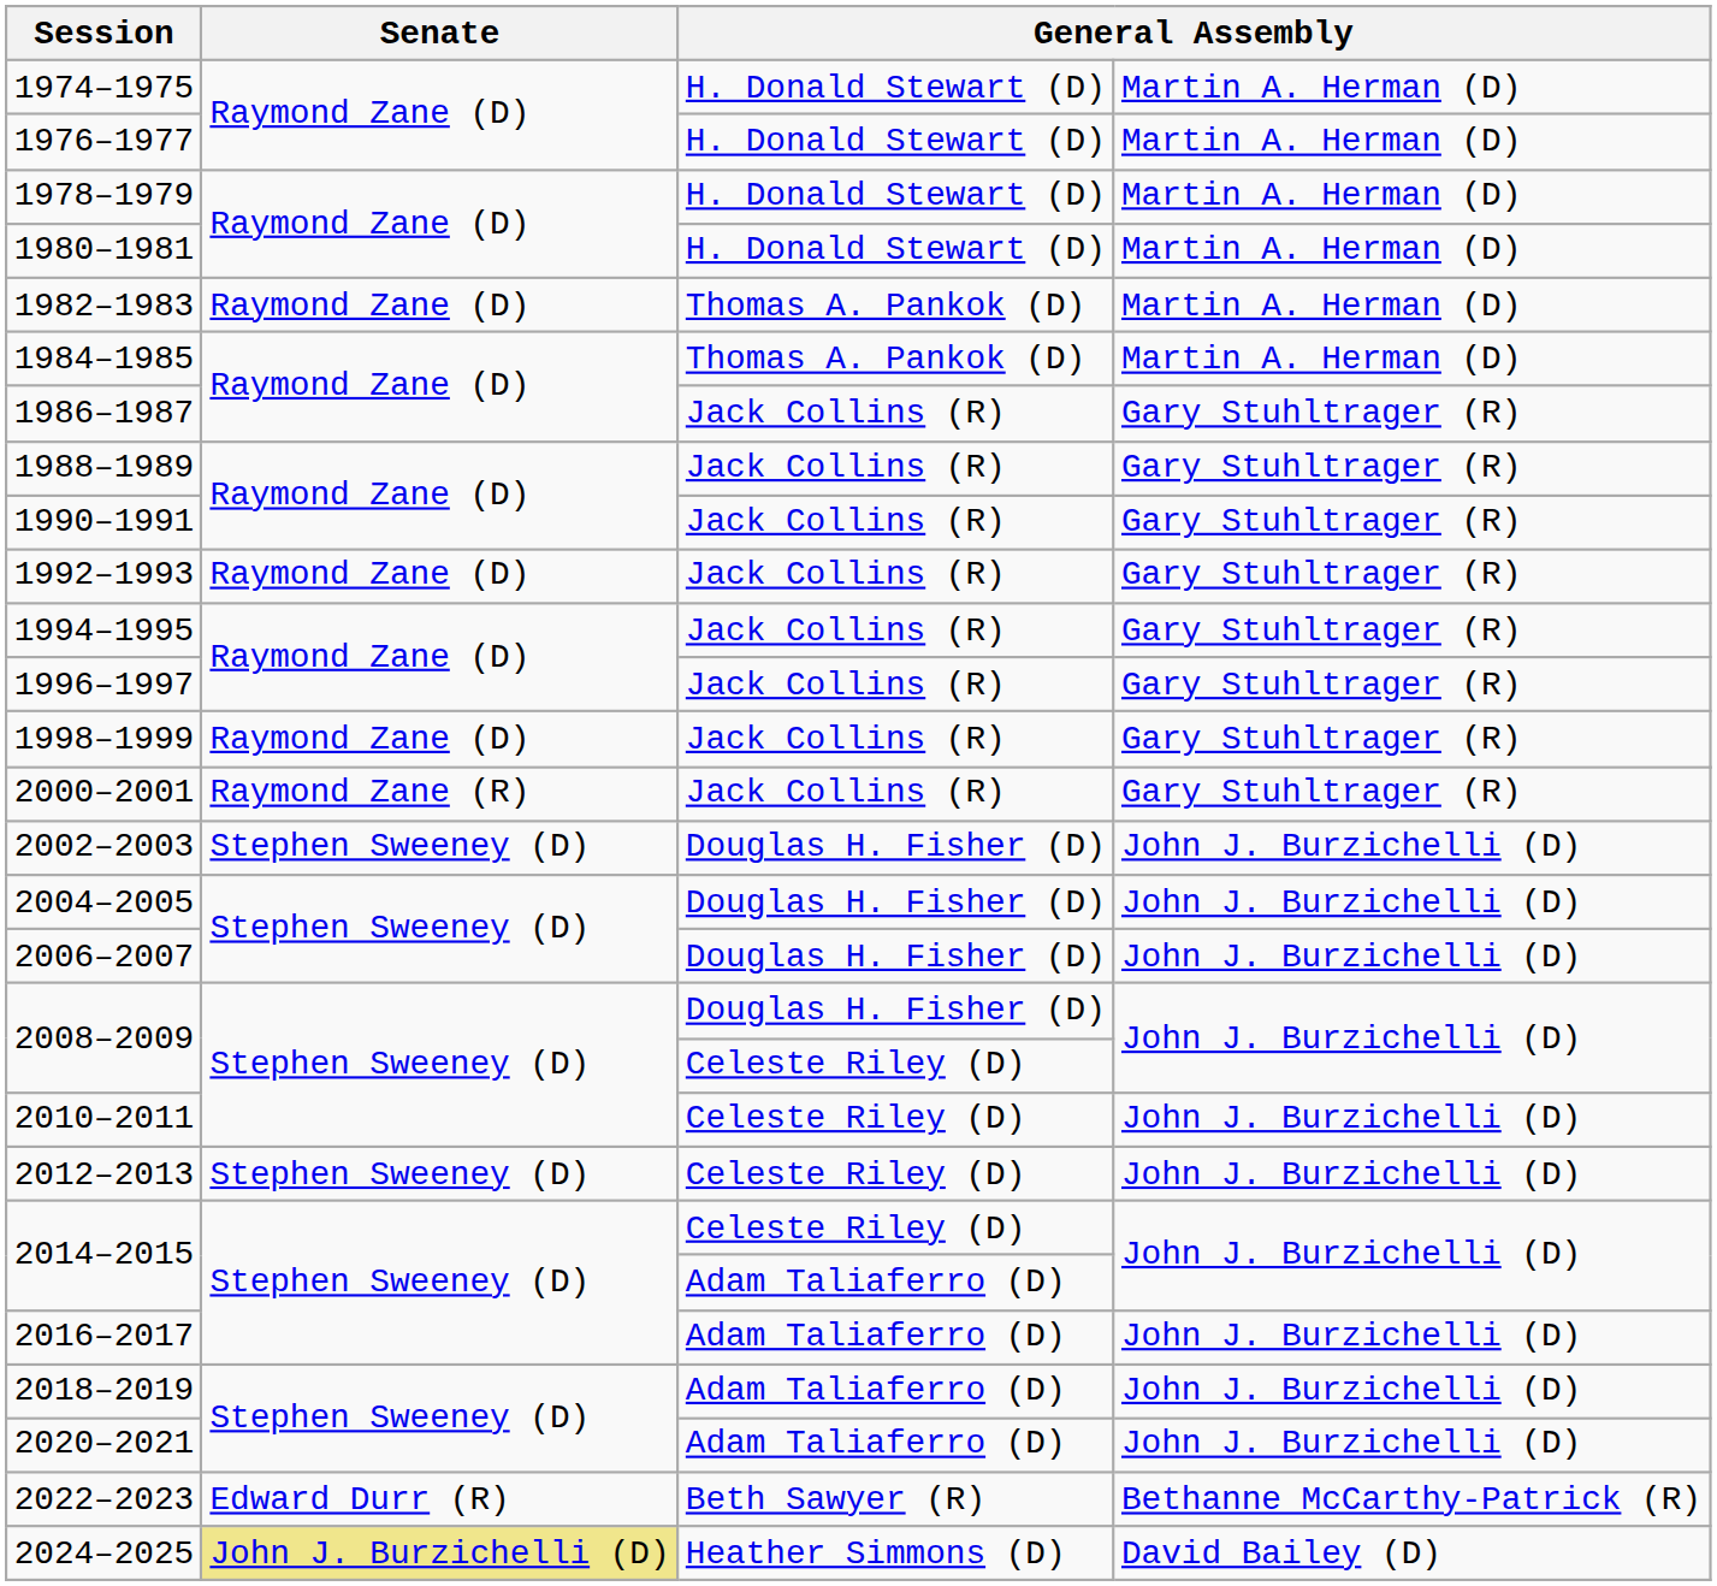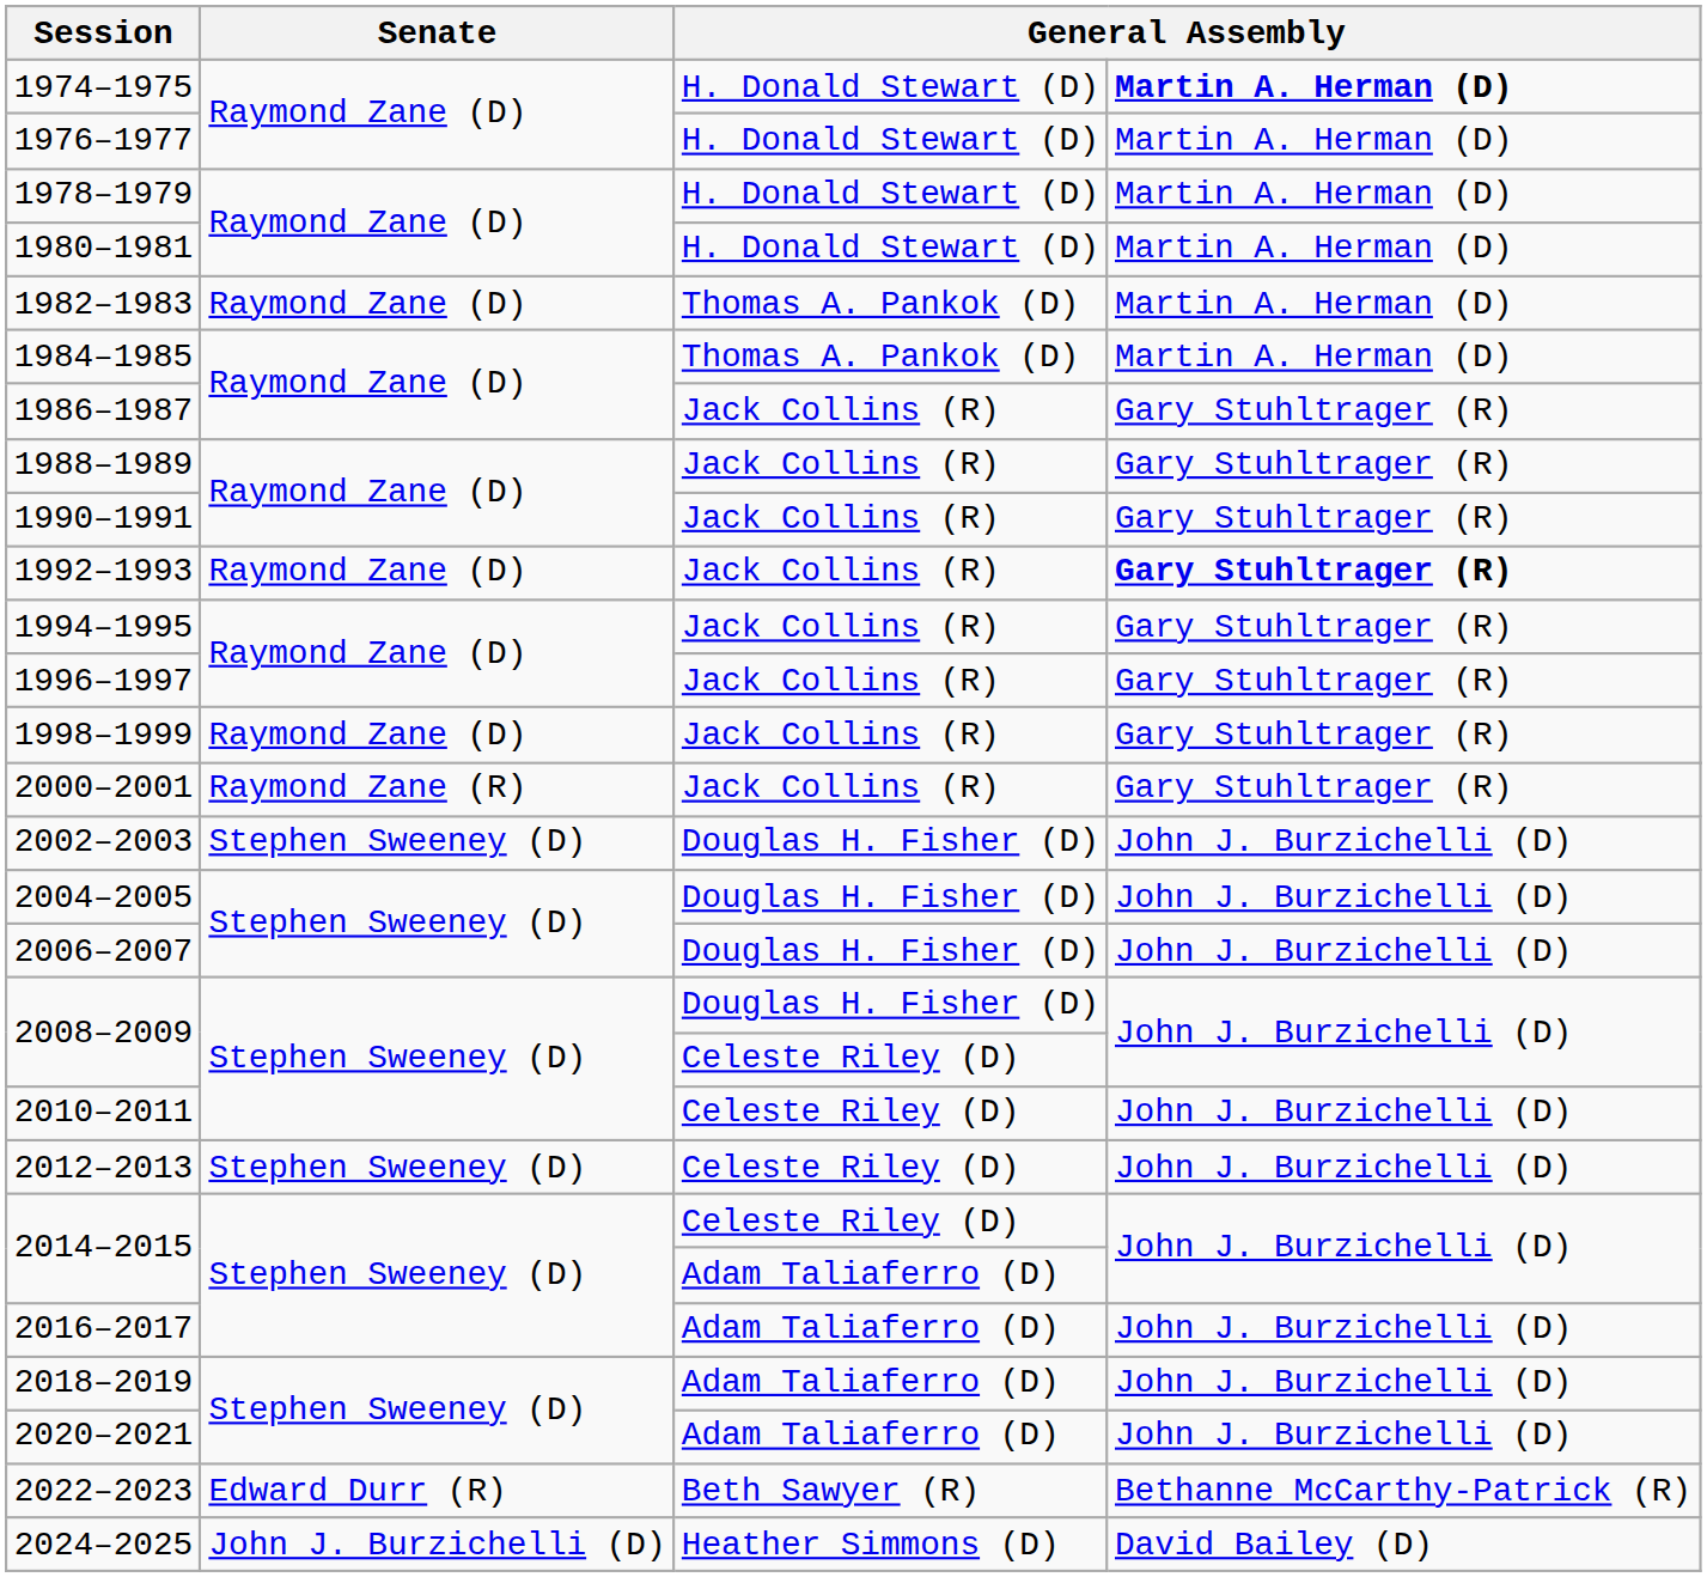 <table class="wikitable">
 <tr>
 <th>Session</th>
 <th>Senate</th>
 <th colspan=2>General Assembly</th>
 </tr>
 <tr>
 <td>1974–1975</td>
 <td rowspan=2 ><a href='#'>Raymond Zane</a> (D)</td>
 <td><a href='#'>H. Donald Stewart</a> (D)</td>
-<td><a href='#'>Martin A. Herman</a> (D)</td>
+<td><strong><a href='#'>Martin A. Herman</a> (D)</strong></td>
 </tr>
 <tr>
 <td>1976–1977</td>
 <td><a href='#'>H. Donald Stewart</a> (D)</td>
 <td><a href='#'>Martin A. Herman</a> (D)</td>
 </tr>
 <tr>
 <td>1978–1979</td>
 <td rowspan=2 ><a href='#'>Raymond Zane</a> (D)</td>
 <td><a href='#'>H. Donald Stewart</a> (D)</td>
 <td><a href='#'>Martin A. Herman</a> (D)</td>
 </tr>
 <tr>
 <td>1980–1981</td>
 <td><a href='#'>H. Donald Stewart</a> (D)</td>
 <td><a href='#'>Martin A. Herman</a> (D)</td>
 </tr>
 <tr>
 <td>1982–1983</td>
 <td><a href='#'>Raymond Zane</a> (D)</td>
 <td><a href='#'>Thomas A. Pankok</a> (D)</td>
 <td><a href='#'>Martin A. Herman</a> (D)</td>
 </tr>
 <tr>
 <td>1984–1985</td>
 <td rowspan=2 ><a href='#'>Raymond Zane</a> (D)</td>
 <td><a href='#'>Thomas A. Pankok</a> (D)</td>
 <td><a href='#'>Martin A. Herman</a> (D)</td>
 </tr>
 <tr>
 <td>1986–1987</td>
 <td><a href='#'>Jack Collins</a> (R)</td>
 <td><a href='#'>Gary Stuhltrager</a> (R)</td>
 </tr>
 <tr>
 <td>1988–1989</td>
 <td rowspan=2 ><a href='#'>Raymond Zane</a> (D)</td>
 <td><a href='#'>Jack Collins</a> (R)</td>
 <td><a href='#'>Gary Stuhltrager</a> (R)</td>
 </tr>
 <tr>
 <td>1990–1991</td>
 <td><a href='#'>Jack Collins</a> (R)</td>
 <td><a href='#'>Gary Stuhltrager</a> (R)</td>
 </tr>
 <tr>
 <td>1992–1993</td>
 <td><a href='#'>Raymond Zane</a> (D)</td>
 <td><a href='#'>Jack Collins</a> (R)</td>
-<td><a href='#'>Gary Stuhltrager</a> (R)</td>
+<td><strong><a href='#'>Gary Stuhltrager</a> (R)</strong></td>
 </tr>
 <tr>
 <td>1994–1995</td>
 <td rowspan=2 ><a href='#'>Raymond Zane</a> (D)</td>
 <td><a href='#'>Jack Collins</a> (R)</td>
 <td><a href='#'>Gary Stuhltrager</a> (R)</td>
 </tr>
 <tr>
 <td>1996–1997</td>
 <td><a href='#'>Jack Collins</a> (R)</td>
 <td><a href='#'>Gary Stuhltrager</a> (R)</td>
 </tr>
 <tr>
 <td>1998–1999</td>
 <td rowspan=2 ><a href='#'>Raymond Zane</a> (D)<small> </small><br></td>
 <td><a href='#'>Jack Collins</a> (R)</td>
 <td><a href='#'>Gary Stuhltrager</a> (R)</td>
 </tr>
 <tr>
 <td rowspan=2>2000–2001</td>
 <td rowspan=2 ><a href='#'>Jack Collins</a> (R)</td>
 <td rowspan=2 ><a href='#'>Gary Stuhltrager</a> (R)</td>
 </tr>
 <tr>
 <td><a href='#'>Raymond Zane</a> (R)</td>
 </tr>
 <tr>
 <td>2002–2003</td>
 <td><a href='#'>Stephen Sweeney</a> (D)</td>
 <td><a href='#'>Douglas H. Fisher</a> (D)</td>
 <td><a href='#'>John J. Burzichelli</a> (D)</td>
 </tr>
 <tr>
 <td>2004–2005</td>
 <td rowspan=2 ><a href='#'>Stephen Sweeney</a> (D)</td>
 <td><a href='#'>Douglas H. Fisher</a> (D)</td>
 <td><a href='#'>John J. Burzichelli</a> (D)</td>
 </tr>
 <tr>
 <td>2006–2007</td>
 <td><a href='#'>Douglas H. Fisher</a> (D)</td>
 <td><a href='#'>John J. Burzichelli</a> (D)</td>
 </tr>
 <tr>
 <td rowspan=2>2008–2009</td>
 <td rowspan=3 ><a href='#'>Stephen Sweeney</a> (D)</td>
 <td><a href='#'>Douglas H. Fisher</a> (D)</td>
 <td rowspan=2 ><a href='#'>John J. Burzichelli</a> (D)</td>
 </tr>
 <tr>
 <td><a href='#'>Celeste Riley</a> (D)</td>
 </tr>
 <tr>
 <td>2010–2011</td>
 <td><a href='#'>Celeste Riley</a> (D)</td>
 <td><a href='#'>John J. Burzichelli</a> (D)</td>
 </tr>
 <tr>
 <td>2012–2013</td>
 <td><a href='#'>Stephen Sweeney</a> (D)</td>
 <td><a href='#'>Celeste Riley</a> (D)</td>
 <td><a href='#'>John J. Burzichelli</a> (D)</td>
 </tr>
 <tr>
 <td rowspan=2>2014–2015</td>
 <td rowspan=3 ><a href='#'>Stephen Sweeney</a> (D)</td>
 <td><a href='#'>Celeste Riley</a> (D)</td>
 <td rowspan=2 ><a href='#'>John J. Burzichelli</a> (D)</td>
 </tr>
 <tr>
 <td><a href='#'>Adam Taliaferro</a> (D)</td>
 </tr>
 <tr>
 <td>2016–2017</td>
 <td><a href='#'>Adam Taliaferro</a> (D)</td>
 <td><a href='#'>John J. Burzichelli</a> (D)</td>
 </tr>
 <tr>
 <td>2018–2019</td>
 <td rowspan=2 ><a href='#'>Stephen Sweeney</a> (D)</td>
 <td><a href='#'>Adam Taliaferro</a> (D)</td>
 <td><a href='#'>John J. Burzichelli</a> (D)</td>
 </tr>
 <tr>
 <td>2020–2021</td>
 <td><a href='#'>Adam Taliaferro</a> (D)</td>
 <td><a href='#'>John J. Burzichelli</a> (D)</td>
 </tr>
 <tr>
 <td>2022–2023</td>
 <td><a href='#'>Edward Durr</a> (R)</td>
 <td><a href='#'>Beth Sawyer</a> (R)</td>
 <td><a href='#'>Bethanne McCarthy-Patrick</a> (R)</td>
 </tr>
 <tr>
 <td>2024–2025</td>
-<td style="background: khaki;"><a href='#'>John J. Burzichelli</a> (D)</td>
+<td><a href='#'>John J. Burzichelli</a> (D)</td>
 <td><a href='#'>Heather Simmons</a> (D)</td>
 <td><a href='#'>David Bailey</a> (D)</td>
 </tr>
 </table>
